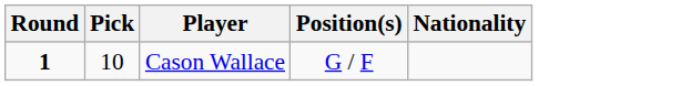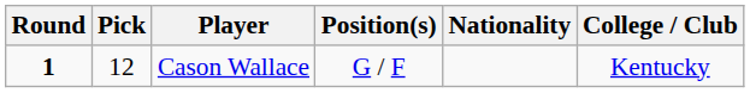 <table class="wikitable sortable sortable">
 <tr>
 <th>Round</th>
 <th>Pick</th>
 <th>Player</th>
 <th>Position(s)</th>
 <th>Nationality</th>
+<th>College / Club</th>
 </tr>
 <tr style="text-align:center">
 <td><strong>1</strong></td>
-<td>10</td>
+<td>12</td>
 <td><a href='#'>Cason Wallace</a></td>
 <td><a href='#'>G</a> / <a href='#'>F</a></td>
 <td></td>
+<td><a href='#'>Kentucky</a></td>
 </tr>
 </table>
